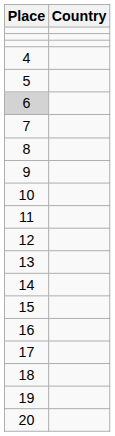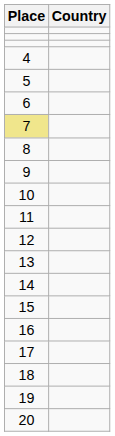 <table class="wikitable" style="font-size:95%;">
 <tr>
 <th>Place</th>
 <th>Country</th>
 </tr>
 <tr>
 <td align="center"></td>
 <td></td>
 </tr>
 <tr>
 <td align="center"></td>
 <td></td>
 </tr>
 <tr>
 <td align="center"></td>
 <td></td>
 </tr>
 <tr>
 <td align="center">4</td>
 <td></td>
 </tr>
 <tr>
 <td align="center">5</td>
 <td></td>
 </tr>
 <tr>
-<td align="center" style="background: lightgrey;">6</td>
+<td align="center">6</td>
 <td></td>
 </tr>
 <tr>
-<td align="center">7</td>
+<td align="center" style="background: khaki;">7</td>
 <td></td>
 </tr>
 <tr>
 <td align="center">8</td>
 <td></td>
 </tr>
 <tr>
 <td align="center">9</td>
 <td></td>
 </tr>
 <tr>
 <td align="center">10</td>
 <td></td>
 </tr>
 <tr>
 <td align="center">11</td>
 <td></td>
 </tr>
 <tr>
 <td align="center">12</td>
 <td></td>
 </tr>
 <tr>
 <td align="center">13</td>
 <td></td>
 </tr>
 <tr>
 <td align="center">14</td>
 <td></td>
 </tr>
 <tr>
 <td align="center">15</td>
 <td></td>
 </tr>
 <tr>
 <td align="center">16</td>
 <td></td>
 </tr>
 <tr>
 <td align=center>17</td>
 <td></td>
 </tr>
 <tr>
 <td align=center>18</td>
 <td></td>
 </tr>
 <tr>
 <td align=center>19</td>
 <td></td>
 </tr>
 <tr>
 <td align=center>20</td>
 <td></td>
 </tr>
 </table>
